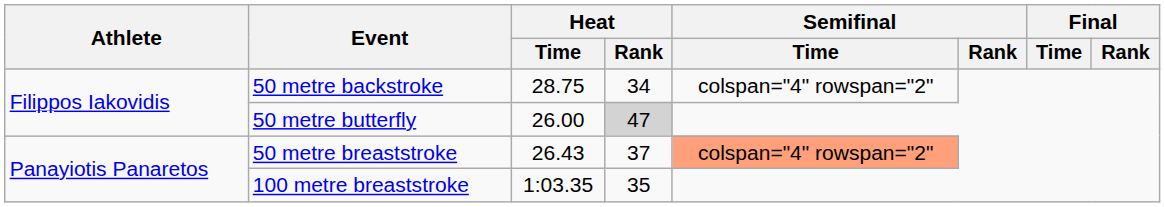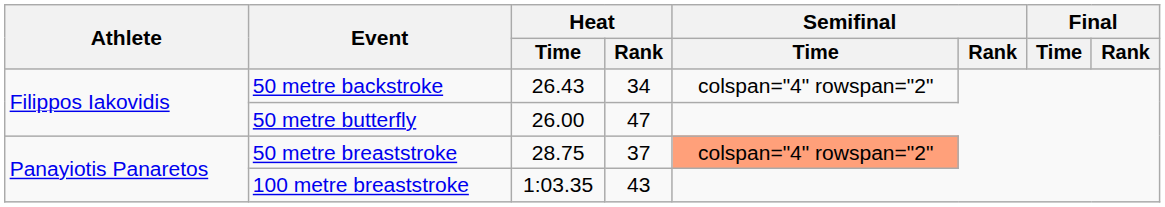 <table class="wikitable" style="text-align:center; font-size:90%; width:50%;">
 <tr>
 <th rowspan="2">Athlete</th>
 <th rowspan="2">Event</th>
 <th colspan="2">Heat</th>
 <th colspan="2">Semifinal</th>
 <th colspan="2">Final</th>
 </tr>
 <tr style="font-size:95%">
 <th>Time</th>
 <th>Rank</th>
 <th>Time</th>
 <th>Rank</th>
 <th>Time</th>
 <th>Rank</th>
 </tr>
 <tr align=center>
 <td align=left rowspan="2"><a href='#'>Filippos Iakovidis</a></td>
 <td align=left><a href='#'>50 metre backstroke</a></td>
-<td>28.75</td>
+<td>26.43</td>
 <td>34</td>
 <td>colspan="4" rowspan="2" </td>
 </tr>
 <tr align=center>
 <td align=left><a href='#'>50 metre butterfly</a></td>
 <td>26.00</td>
-<td style="background: lightgrey;">47</td>
+<td>47</td>
 </tr>
 <tr align=center>
 <td align=left rowspan="2"><a href='#'>Panayiotis Panaretos</a></td>
 <td align=left><a href='#'>50 metre breaststroke</a></td>
-<td>26.43</td>
+<td>28.75</td>
 <td>37</td>
 <td style="background: lightsalmon;">colspan="4" rowspan="2" </td>
 </tr>
 <tr>
 <td align=left><a href='#'>100 metre breaststroke</a></td>
 <td>1:03.35</td>
-<td>35</td>
+<td>43</td>
 </tr>
 </table>
